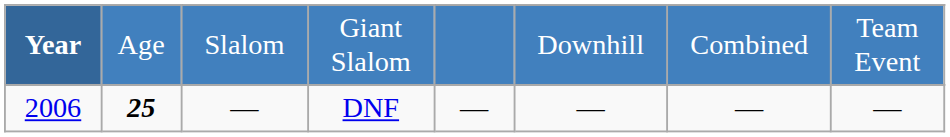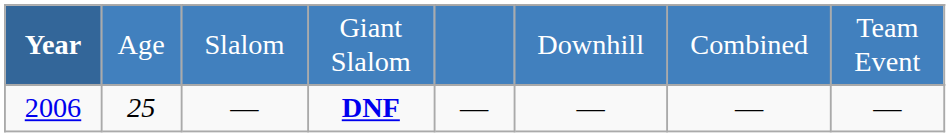 <table class="wikitable" style="font-size:95%; text-align:center; border:grey solid 1px; border-collapse:collapse;" width="40%">
 <tr style="background-color:#369; color:white;">
 <td rowspan="2" colspan="1" width="4%"><strong>Year</strong></td>
 </tr>
 <tr style="background-color:#4180be; color:white;">
 <td width="3%">Age</td>
 <td width="5%">Slalom</td>
 <td width="5%">Giant<br>Slalom</td>
 <td width="5%"></td>
 <td width="5%">Downhill</td>
 <td width="5%">Combined</td>
 <td width="5%">Team Event</td>
 </tr>
 <tr style="background-color:#8CB2D8; color:white;">
 </tr>
 <tr>
 <td><a href='#'>2006</a></td>
-<td><strong><em>25</em></strong></td>
+<td><em>25</em></td>
 <td>—</td>
-<td><a href='#'>DNF</a></td>
+<td><strong><a href='#'>DNF</a></strong></td>
 <td>—</td>
 <td>—</td>
 <td>—</td>
 <td>—</td>
 </tr>
 </table>
